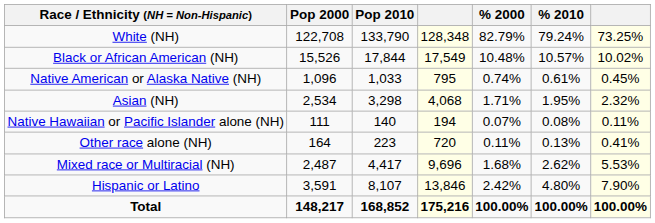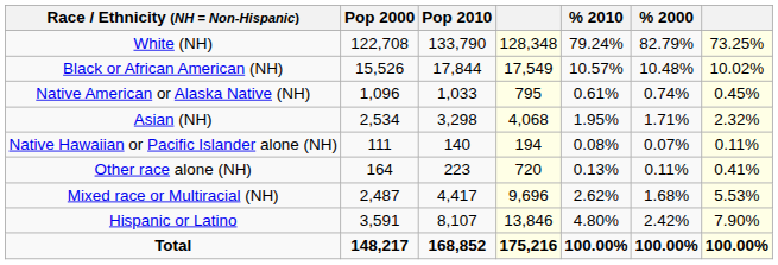 <table class="wikitable" style="text-align:center;">
 <tr>
 <th>Race / Ethnicity <small>(<em>NH = Non-Hispanic</em>)</small></th>
 <th>Pop 2000</th>
 <th>Pop 2010</th>
 <th></th>
+<th>% 2010</th>
 <th>% 2000</th>
-<th>% 2010</th>
 <th></th>
 </tr>
 <tr>
 <td><a href='#'>White</a> (NH)</td>
 <td>122,708</td>
 <td>133,790</td>
 <td style='background: #ffffe6;'>128,348</td>
+<td>79.24%</td>
 <td>82.79%</td>
-<td>79.24%</td>
 <td style='background: #ffffe6;'>73.25%</td>
 </tr>
 <tr>
 <td><a href='#'>Black or African American</a> (NH)</td>
 <td>15,526</td>
 <td>17,844</td>
 <td style='background: #ffffe6;'>17,549</td>
+<td>10.57%</td>
 <td>10.48%</td>
-<td>10.57%</td>
 <td style='background: #ffffe6;'>10.02%</td>
 </tr>
 <tr>
 <td><a href='#'>Native American</a> or <a href='#'>Alaska Native</a> (NH)</td>
 <td>1,096</td>
 <td>1,033</td>
 <td style='background: #ffffe6;'>795</td>
+<td>0.61%</td>
 <td>0.74%</td>
-<td>0.61%</td>
 <td style='background: #ffffe6;'>0.45%</td>
 </tr>
 <tr>
 <td><a href='#'>Asian</a> (NH)</td>
 <td>2,534</td>
 <td>3,298</td>
 <td style='background: #ffffe6;'>4,068</td>
+<td>1.95%</td>
 <td>1.71%</td>
-<td>1.95%</td>
 <td style='background: #ffffe6;'>2.32%</td>
 </tr>
 <tr>
 <td><a href='#'>Native Hawaiian</a> or <a href='#'>Pacific Islander</a> alone (NH)</td>
 <td>111</td>
 <td>140</td>
 <td style='background: #ffffe6;'>194</td>
+<td>0.08%</td>
 <td>0.07%</td>
-<td>0.08%</td>
 <td style='background: #ffffe6;'>0.11%</td>
 </tr>
 <tr>
 <td><a href='#'>Other race</a> alone (NH)</td>
 <td>164</td>
 <td>223</td>
 <td style='background: #ffffe6;'>720</td>
+<td>0.13%</td>
 <td>0.11%</td>
-<td>0.13%</td>
 <td style='background: #ffffe6;'>0.41%</td>
 </tr>
 <tr>
 <td><a href='#'>Mixed race or Multiracial</a> (NH)</td>
 <td>2,487</td>
 <td>4,417</td>
 <td style='background: #ffffe6;'>9,696</td>
+<td>2.62%</td>
 <td>1.68%</td>
-<td>2.62%</td>
 <td style='background: #ffffe6;'>5.53%</td>
 </tr>
 <tr>
 <td><a href='#'>Hispanic or Latino</a></td>
 <td>3,591</td>
 <td>8,107</td>
 <td style='background: #ffffe6;'>13,846</td>
+<td>4.80%</td>
 <td>2.42%</td>
-<td>4.80%</td>
 <td style='background: #ffffe6;'>7.90%</td>
 </tr>
 <tr>
 <td><strong>Total</strong></td>
 <td><strong>148,217</strong></td>
 <td><strong>168,852</strong></td>
 <td style='background: #ffffe6;'><strong>175,216</strong></td>
 <td><strong>100.00%</strong></td>
 <td><strong>100.00%</strong></td>
 <td style='background: #ffffe6;'><strong>100.00%</strong></td>
 </tr>
 </table>
